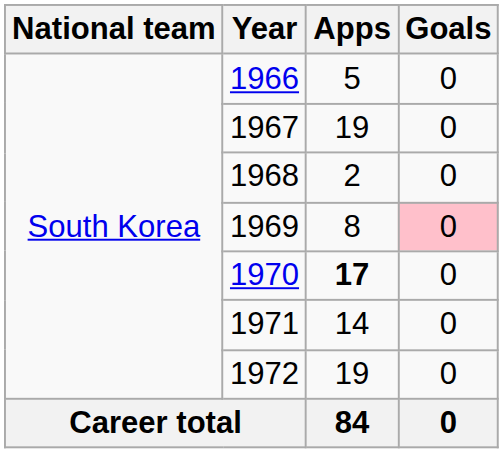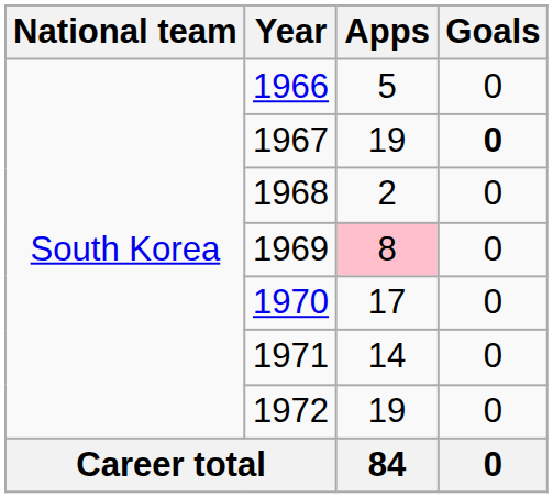 <table class="wikitable" style="text-align:center">
 <tr>
 <th>National team</th>
 <th>Year</th>
 <th>Apps</th>
 <th>Goals</th>
 </tr>
 <tr>
 <td rowspan="7"><a href='#'>South Korea</a></td>
 <td><a href='#'>1966</a></td>
 <td>5</td>
 <td>0</td>
 </tr>
 <tr>
 <td>1967</td>
 <td>19</td>
-<td>0</td>
+<td><strong>0</strong></td>
 </tr>
 <tr>
 <td>1968</td>
 <td>2</td>
 <td>0</td>
 </tr>
 <tr>
 <td>1969</td>
-<td>8</td>
-<td style="background: pink;">0</td>
+<td style="background: pink;">8</td>
+<td>0</td>
 </tr>
 <tr>
 <td><a href='#'>1970</a></td>
-<td><strong>17</strong></td>
+<td>17</td>
 <td>0</td>
 </tr>
 <tr>
 <td>1971</td>
 <td>14</td>
 <td>0</td>
 </tr>
 <tr>
 <td>1972</td>
 <td>19</td>
 <td>0</td>
 </tr>
 <tr>
 <th colspan="2">Career total</th>
 <th>84</th>
 <th>0</th>
 </tr>
 </table>
